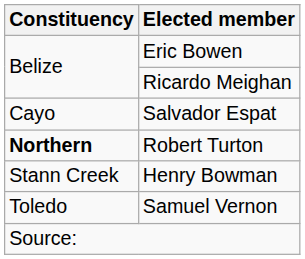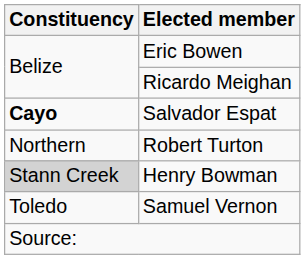 <table class=wikitable>
 <tr>
 <th>Constituency</th>
 <th>Elected member</th>
 </tr>
 <tr>
 <td rowspan=2>Belize</td>
 <td>Eric Bowen</td>
 </tr>
 <tr>
 <td>Ricardo Meighan</td>
 </tr>
 <tr>
-<td>Cayo</td>
+<td><strong>Cayo</strong></td>
 <td>Salvador Espat</td>
 </tr>
 <tr>
-<td><strong>Northern</strong></td>
+<td>Northern</td>
 <td>Robert Turton</td>
 </tr>
 <tr>
-<td>Stann Creek</td>
+<td style="background: lightgrey;">Stann Creek</td>
 <td>Henry Bowman</td>
 </tr>
 <tr>
 <td>Toledo</td>
 <td>Samuel Vernon</td>
 </tr>
 <tr>
 <td colspan=3>Source: </td>
 </tr>
 </table>
